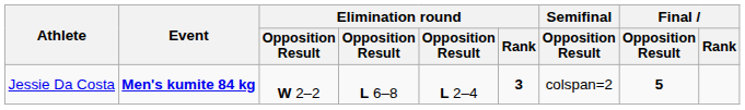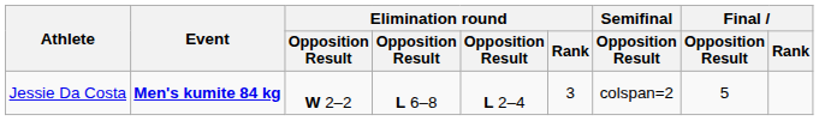 <table class=wikitable style=font-size:90%;text-align:center>
 <tr>
 <th rowspan=2>Athlete</th>
 <th rowspan=2>Event</th>
 <th colspan=4>Elimination round</th>
 <th>Semifinal</th>
 <th colspan=2>Final / </th>
 </tr>
 <tr style=font-size:95%>
 <th>Opposition<br>Result</th>
 <th>Opposition<br>Result</th>
 <th>Opposition<br>Result</th>
 <th>Rank</th>
 <th>Opposition<br>Result</th>
 <th>Opposition<br>Result</th>
 <th>Rank</th>
 </tr>
 <tr>
 <td align=left><a href='#'>Jessie Da Costa</a></td>
 <td align=left><strong><a href='#'>Men's kumite 84 kg</a></strong></td>
 <td><br><strong>W</strong> 2–2</td>
 <td><br><strong>L</strong> 6–8</td>
 <td><br><strong>L</strong> 2–4</td>
-<td><strong>3</strong></td>
+<td>3</td>
 <td>colspan=2 </td>
-<td><strong>5</strong></td>
+<td>5</td>
 </tr>
 </table>
